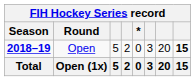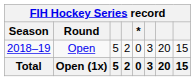 <table class="wikitable" style="text-align: center;">
 <tr>
 <th colspan=9><a href='#'>FIH Hockey Series</a> record</th>
 </tr>
 <tr>
 <th>Season</th>
 <th>Round</th>
 <th></th>
 <th></th>
 <th>*</th>
 <th></th>
 <th></th>
 <th></th>
 </tr>
 <tr>
-<td><strong><a href='#'>2018–19</a></strong></td>
+<td><a href='#'>2018–19</a></td>
 <td><a href='#'>Open</a></td>
 <td>5</td>
 <td>2</td>
 <td>0</td>
 <td>3</td>
 <td>20</td>
-<td><strong>15</strong></td>
+<td>15</td>
 </tr>
 <tr>
 <th>Total</th>
 <th>Open (1x)</th>
 <th>5</th>
 <th>2</th>
 <th>0</th>
 <th>3</th>
 <th>20</th>
 <th>15</th>
 </tr>
 </table>
